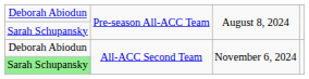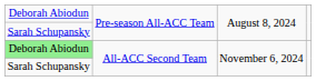 <table class="wikitable sortable" style="text-align: center">
 <tr>
 <td><a href='#'>Deborah Abiodun</a></td>
 <td rowspan=2><a href='#'>Pre-season All-ACC Team</a></td>
 <td rowspan=2>August 8, 2024</td>
 <td rowspan=2></td>
 </tr>
 <tr>
 <td><a href='#'>Sarah Schupansky</a></td>
 </tr>
 <tr>
-<td>Deborah Abiodun</td>
+<td style="background: lightgreen;">Deborah Abiodun</td>
 <td rowspan=2><a href='#'>All-ACC Second Team</a></td>
 <td rowspan=2>November 6, 2024</td>
 <td rowspan=2></td>
 </tr>
 <tr>
-<td style="background: lightgreen;">Sarah Schupansky</td>
+<td>Sarah Schupansky</td>
 </tr>
 </table>
